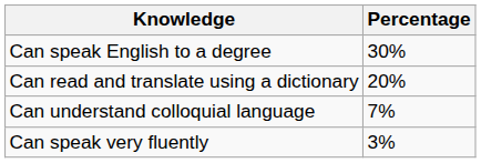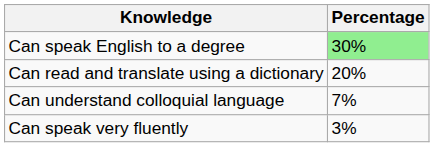 <table class="wikitable">
 <tr>
 <th>Knowledge</th>
 <th>Percentage</th>
 </tr>
 <tr>
 <td>Can speak English to a degree</td>
-<td>30%</td>
+<td style="background: lightgreen;">30%</td>
 </tr>
 <tr>
 <td>Can read and translate using a dictionary</td>
 <td>20%</td>
 </tr>
 <tr>
 <td>Can understand colloquial language</td>
 <td>7%</td>
 </tr>
 <tr>
 <td>Can speak very fluently</td>
 <td>3%</td>
 </tr>
 </table>
